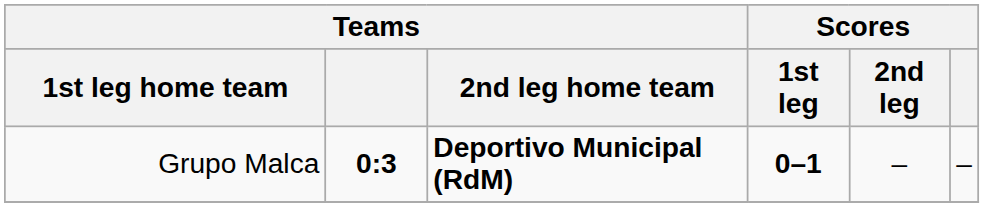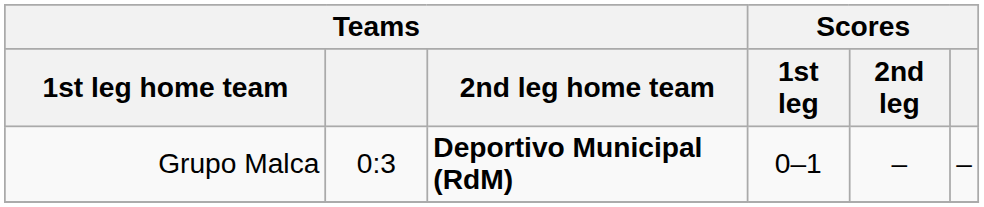 <table class="wikitable" style="text-align: center;">
 <tr>
 <th colspan=3>Teams</th>
 <th colspan=3>Scores</th>
 </tr>
 <tr>
 <th width="175">1st leg home team</th>
 <th width="50"></th>
 <th width="175">2nd leg home team</th>
 <th width="50">1st leg</th>
 <th width="50">2nd leg</th>
 <th></th>
 </tr>
 <tr>
 <td align=right>Grupo Malca</td>
-<td><strong>0:3</strong></td>
+<td>0:3</td>
 <td align=left><strong>Deportivo Municipal (RdM)</strong></td>
-<td><strong>0–1</strong></td>
+<td>0–1</td>
 <td>–</td>
 <td>–</td>
 </tr>
 <tr>
 </tr>
 </table>
